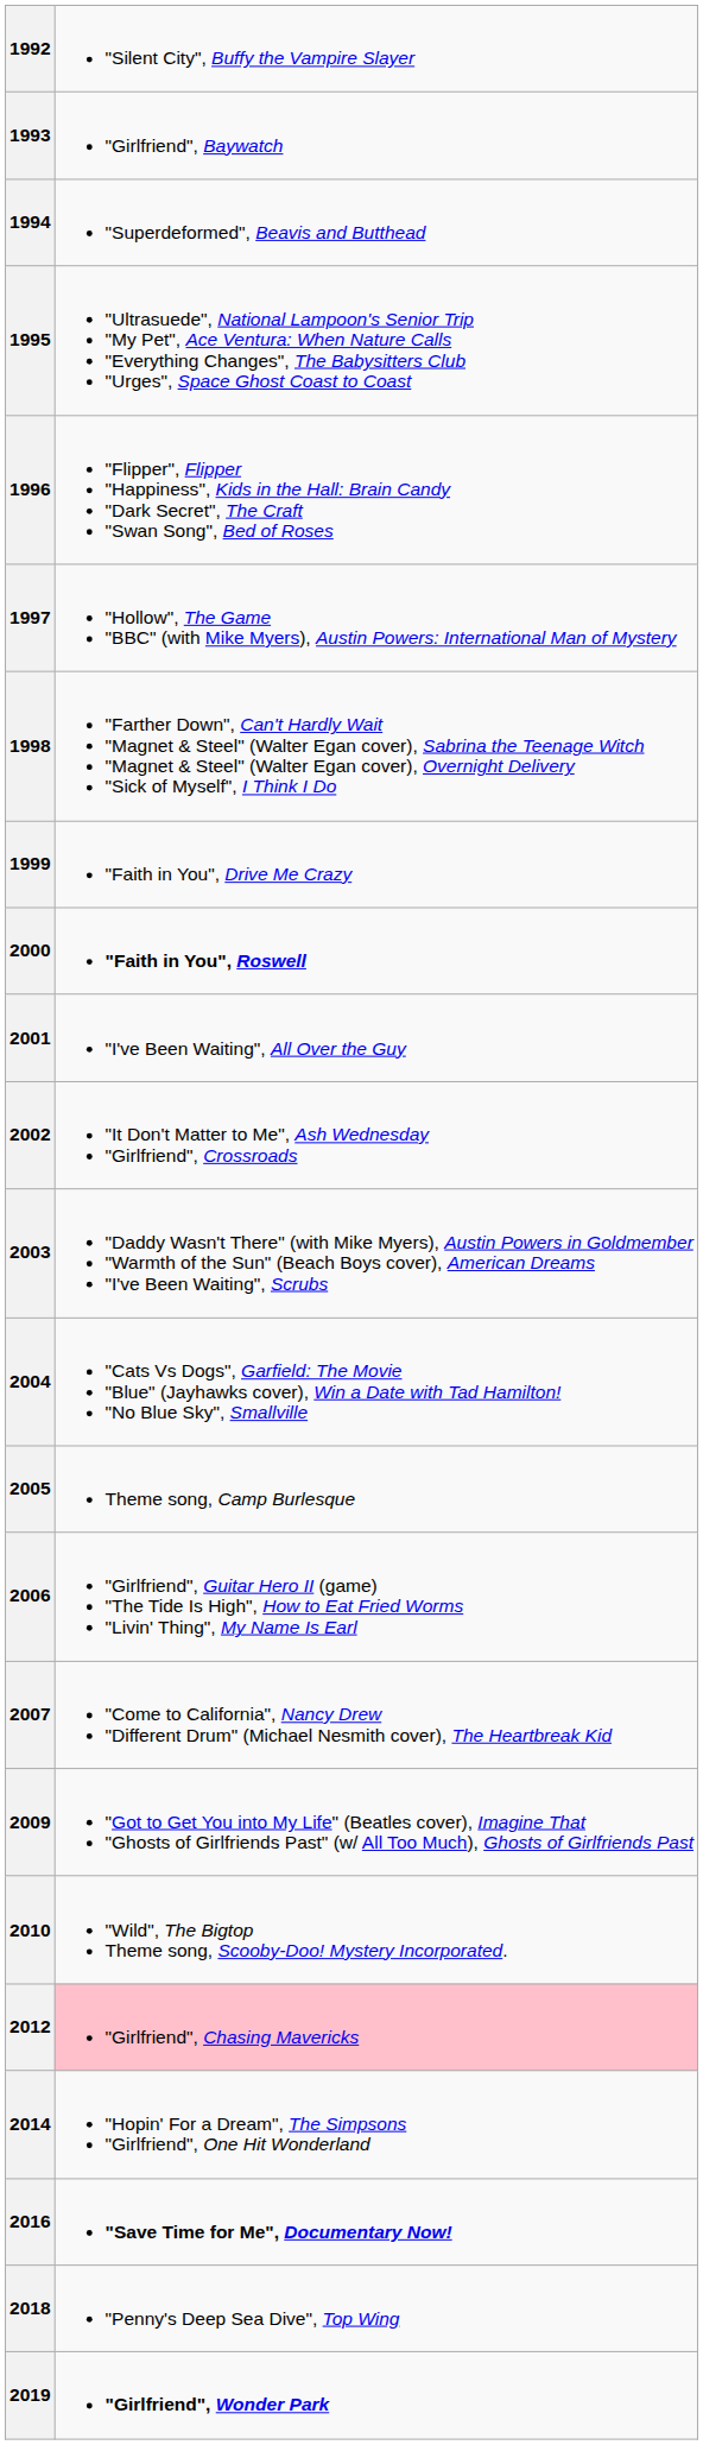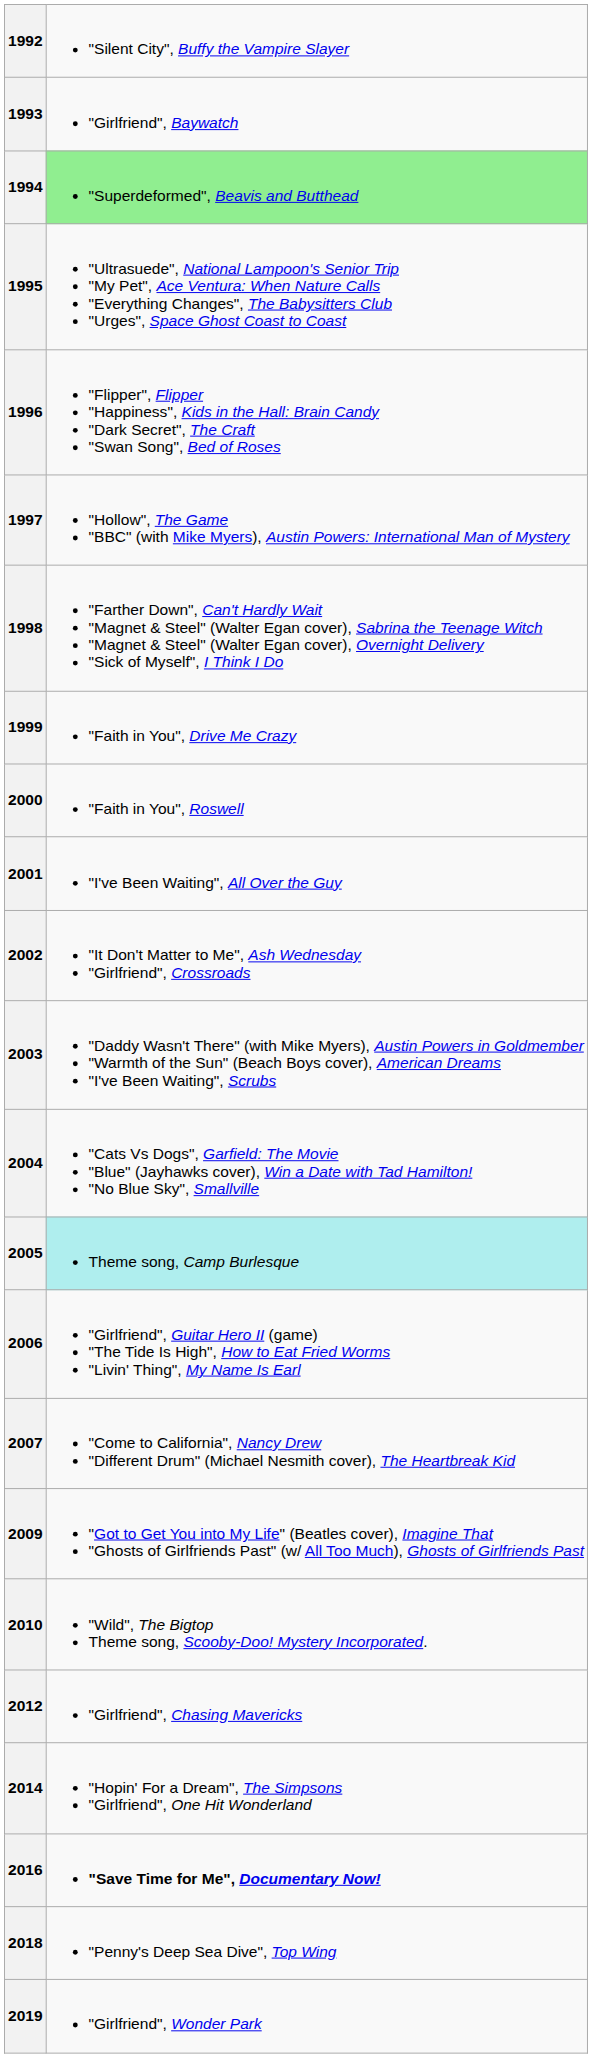 <table class="wikitable">
 <tr>
 <th>1992</th>
 <td><br><ul><li>"Silent City", <em><a href='#'>Buffy the Vampire Slayer</a></em></li></ul></td>
 </tr>
 <tr>
 <th>1993</th>
 <td><br><ul><li>"Girlfriend", <em><a href='#'>Baywatch</a></em></li></ul></td>
 </tr>
 <tr>
 <th>1994</th>
-<td><br><ul><li>"Superdeformed", <em><a href='#'>Beavis and Butthead</a></em></li></ul></td>
+<td style="background: lightgreen;"><br><ul><li>"Superdeformed", <em><a href='#'>Beavis and Butthead</a></em></li></ul></td>
 </tr>
 <tr>
 <th>1995</th>
 <td><br><ul><li>"Ultrasuede", <em><a href='#'>National Lampoon's Senior Trip</a></em></li><li>"My Pet", <em><a href='#'>Ace Ventura: When Nature Calls</a></em></li><li>"Everything Changes", <em><a href='#'>The Babysitters Club</a></em></li><li>"Urges", <em><a href='#'>Space Ghost Coast to Coast</a></em></li></ul></td>
 </tr>
 <tr>
 <th>1996</th>
 <td><br><ul><li>"Flipper", <em><a href='#'>Flipper</a></em></li><li>"Happiness", <em><a href='#'>Kids in the Hall: Brain Candy</a></em></li><li>"Dark Secret", <em><a href='#'>The Craft</a></em></li><li>"Swan Song", <em><a href='#'>Bed of Roses</a></em></li></ul></td>
 </tr>
 <tr>
 <th>1997</th>
 <td><br><ul><li>"Hollow", <em><a href='#'>The Game</a></em></li><li>"BBC" (with <a href='#'>Mike Myers</a>), <em><a href='#'>Austin Powers: International Man of Mystery</a></em></li></ul></td>
 </tr>
 <tr>
 <th>1998</th>
 <td><br><ul><li>"Farther Down", <em><a href='#'>Can't Hardly Wait</a></em></li><li>"Magnet & Steel" (Walter Egan cover), <em><a href='#'>Sabrina the Teenage Witch</a></em></li><li>"Magnet & Steel" (Walter Egan cover), <em><a href='#'>Overnight Delivery</a></em></li><li>"Sick of Myself", <em><a href='#'>I Think I Do</a></em></li></ul></td>
 </tr>
 <tr>
 <th>1999</th>
 <td><br><ul><li>"Faith in You", <em><a href='#'>Drive Me Crazy</a></em></li></ul></td>
 </tr>
 <tr>
 <th>2000</th>
-<td><strong><br><ul><li>"Faith in You", <em><a href='#'>Roswell</a></em></li></ul></strong></td>
+<td><br><ul><li>"Faith in You", <em><a href='#'>Roswell</a></em></li></ul></td>
 </tr>
 <tr>
 <th>2001</th>
 <td><br><ul><li>"I've Been Waiting", <em><a href='#'>All Over the Guy</a></em></li></ul></td>
 </tr>
 <tr>
 <th>2002</th>
 <td><br><ul><li>"It Don't Matter to Me", <em><a href='#'>Ash Wednesday</a></em></li><li>"Girlfriend", <em><a href='#'>Crossroads</a></em></li></ul></td>
 </tr>
 <tr>
 <th>2003</th>
 <td><br><ul><li>"Daddy Wasn't There" (with Mike Myers), <em><a href='#'>Austin Powers in Goldmember</a></em></li><li>"Warmth of the Sun" (Beach Boys cover), <em><a href='#'>American Dreams</a></em></li><li>"I've Been Waiting", <em><a href='#'>Scrubs</a></em></li></ul></td>
 </tr>
 <tr>
 <th>2004</th>
 <td><br><ul><li>"Cats Vs Dogs", <em><a href='#'>Garfield: The Movie</a></em></li><li>"Blue" (Jayhawks cover), <em><a href='#'>Win a Date with Tad Hamilton!</a></em></li><li>"No Blue Sky", <em><a href='#'>Smallville</a></em></li></ul></td>
 </tr>
 <tr>
 <th>2005</th>
-<td><br><ul><li>Theme song, <em>Camp Burlesque</em></li></ul></td>
+<td style="background: paleturquoise;"><br><ul><li>Theme song, <em>Camp Burlesque</em></li></ul></td>
 </tr>
 <tr>
 <th>2006</th>
 <td><br><ul><li>"Girlfriend", <em><a href='#'>Guitar Hero II</a></em> (game)</li><li>"The Tide Is High", <em><a href='#'>How to Eat Fried Worms</a></em></li><li>"Livin' Thing", <em><a href='#'>My Name Is Earl</a></em></li></ul></td>
 </tr>
 <tr>
 <th>2007</th>
 <td><br><ul><li>"Come to California", <em><a href='#'>Nancy Drew</a></em></li><li>"Different Drum" (Michael Nesmith cover), <em><a href='#'>The Heartbreak Kid</a></em></li></ul></td>
 </tr>
 <tr>
 <th>2009</th>
 <td><br><ul><li>"<a href='#'>Got to Get You into My Life</a>" (Beatles cover), <em><a href='#'>Imagine That</a></em></li><li>"Ghosts of Girlfriends Past" (w/ <a href='#'>All Too Much</a>), <em><a href='#'>Ghosts of Girlfriends Past</a></em></li></ul></td>
 </tr>
 <tr>
 <th>2010</th>
 <td><br><ul><li>"Wild", <em>The Bigtop</em></li><li>Theme song, <em><a href='#'>Scooby-Doo! Mystery Incorporated</a></em>.</li></ul></td>
 </tr>
 <tr>
 <th>2012</th>
-<td style="background: pink;"><br><ul><li>"Girlfriend", <em><a href='#'>Chasing Mavericks</a></em></li></ul></td>
+<td><br><ul><li>"Girlfriend", <em><a href='#'>Chasing Mavericks</a></em></li></ul></td>
 </tr>
 <tr>
 <th>2014</th>
 <td><br><ul><li>"Hopin' For a Dream", <em><a href='#'>The Simpsons</a></em></li><li>"Girlfriend", <em>One Hit Wonderland</em></li></ul></td>
 </tr>
 <tr>
 <th>2016</th>
 <td><strong><br><ul><li>"Save Time for Me", <em><a href='#'>Documentary Now!</a></em></li></ul></strong></td>
 </tr>
 <tr>
 <th>2018</th>
 <td><br><ul><li>"Penny's Deep Sea Dive", <em><a href='#'>Top Wing</a></em></li></ul></td>
 </tr>
 <tr>
 <th>2019</th>
-<td><strong><br><ul><li>"Girlfriend", <em><a href='#'>Wonder Park</a></em></li></ul></strong></td>
+<td><br><ul><li>"Girlfriend", <em><a href='#'>Wonder Park</a></em></li></ul></td>
 </tr>
 </table>
